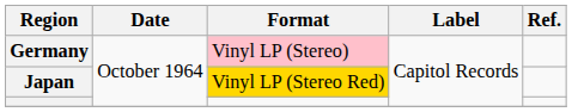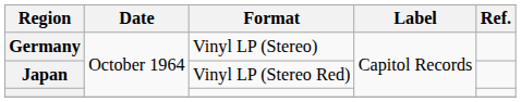 <table class="wikitable plainrowheaders">
 <tr>
 <th scope="col">Region</th>
 <th scope="col">Date</th>
 <th scope="col">Format</th>
 <th scope="col">Label</th>
 <th scope="col">Ref.</th>
 </tr>
 <tr>
 <th scope="row">Germany</th>
 <td rowspan="3">October 1964</td>
-<td style="background: pink;">Vinyl LP (Stereo)</td>
+<td>Vinyl LP (Stereo)</td>
 <td rowspan="3">Capitol Records</td>
 <td></td>
 </tr>
 <tr>
 <th scope="row">Japan</th>
-<td style="background: gold;">Vinyl LP (Stereo Red)</td>
+<td>Vinyl LP (Stereo Red)</td>
 <td></td>
 </tr>
 <tr>
 <th scope="row"></th>
 <td></td>
 <td></td>
 </tr>
 <tr>
 </tr>
 </table>
